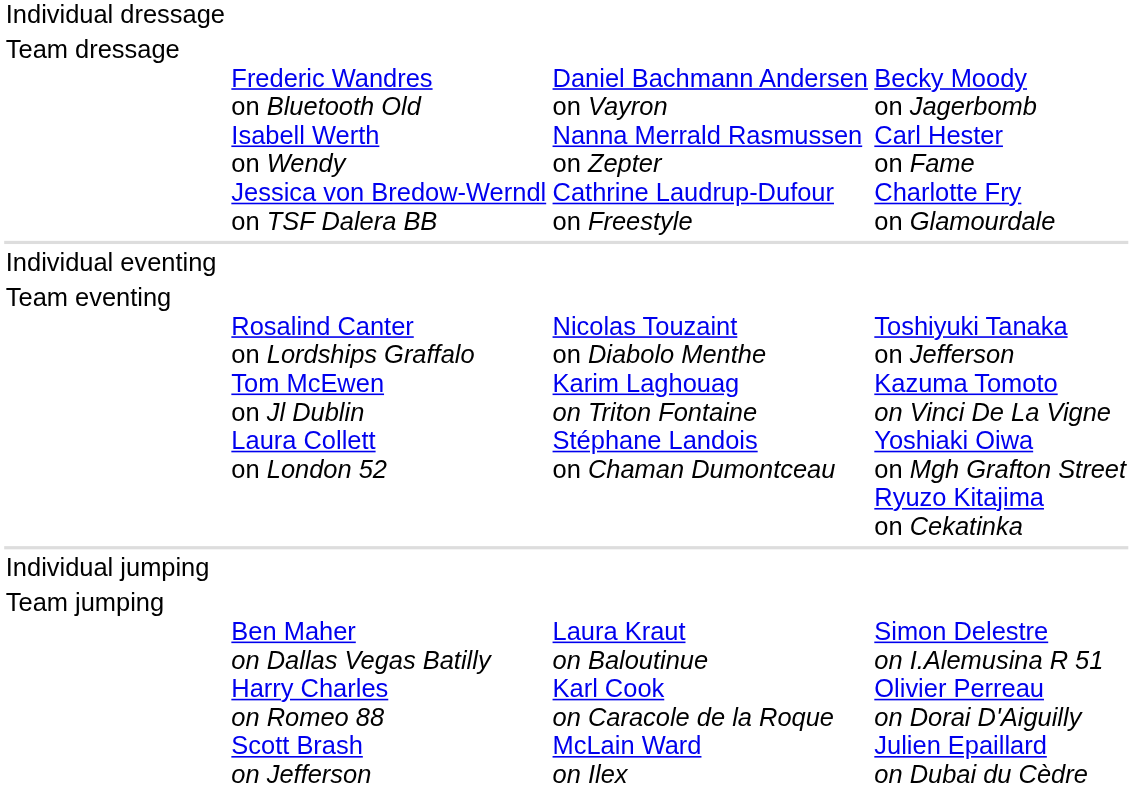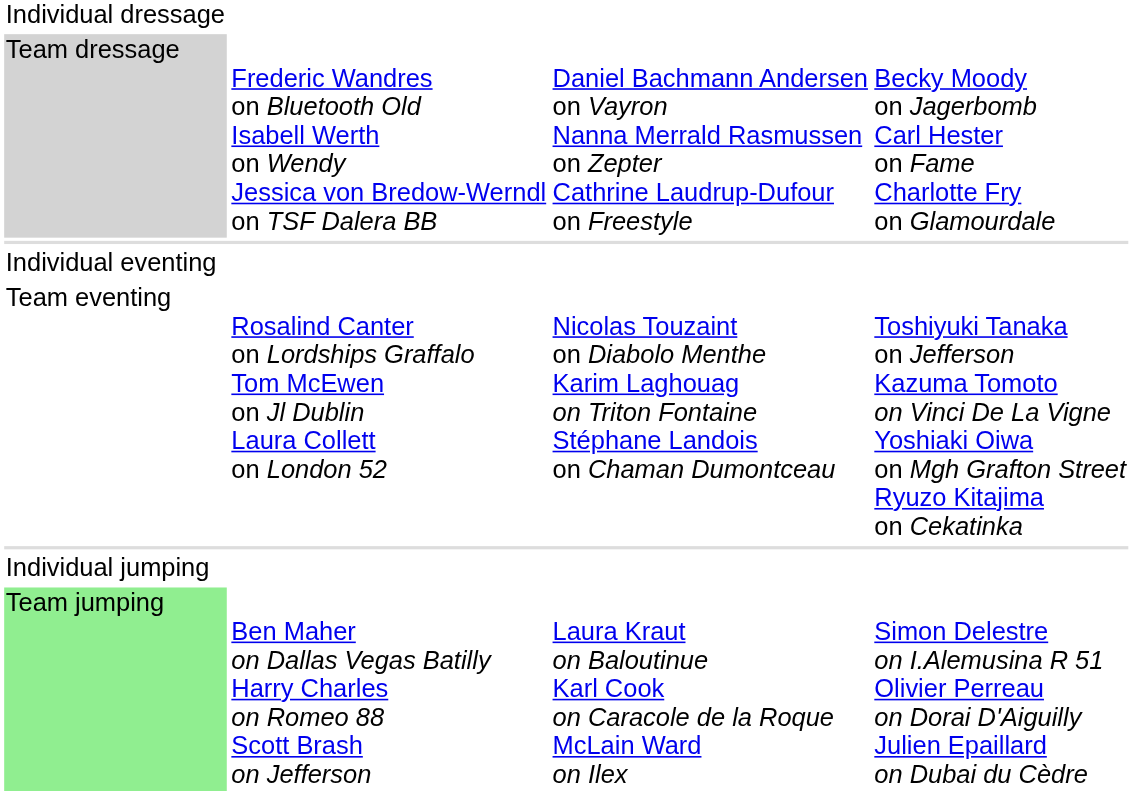 <table>
 <tr valign="top">
 <td>Individual dressage<br></td>
 <td></td>
 <td></td>
 <td></td>
 </tr>
 <tr valign="top">
-<td>Team dressage<br></td>
+<td style="background: lightgrey;">Team dressage<br></td>
 <td><br><a href='#'>Frederic Wandres</a> <br>on <em>Bluetooth Old</em><br><a href='#'>Isabell Werth</a> <br>on <em>Wendy</em><br><a href='#'>Jessica von Bredow-Werndl</a> <br>on <em>TSF Dalera BB</em></td>
 <td><br><a href='#'>Daniel Bachmann Andersen</a> <br>on <em>Vayron</em><br><a href='#'>Nanna Merrald Rasmussen</a> <br>on <em>Zepter</em><br><a href='#'>Cathrine Laudrup-Dufour</a> <br>on <em>Freestyle</em></td>
 <td><br><a href='#'>Becky Moody</a> <br>on <em>Jagerbomb</em><br><a href='#'>Carl Hester</a> <br>on <em>Fame</em><br><a href='#'>Charlotte Fry</a> <br>on <em>Glamourdale</em></td>
 </tr>
 <tr bgcolor=#DDDDDD>
 <td colspan=7></td>
 </tr>
 <tr valign="top">
 <td>Individual eventing<br></td>
 <td></td>
 <td></td>
 <td></td>
 </tr>
 <tr valign="top">
 <td>Team eventing<br></td>
 <td><br><a href='#'>Rosalind Canter</a> <br>on <em>Lordships Graffalo</em><br><a href='#'>Tom McEwen</a> <br>on <em>Jl Dublin</em><br><a href='#'>Laura Collett</a> <br>on <em>London 52</em></td>
 <td><br><a href='#'>Nicolas Touzaint</a> <br>on <em>Diabolo Menthe</em><br><a href='#'>Karim Laghouag</a><em><br> on Triton Fontaine</em><br><a href='#'>Stéphane Landois</a> <br>on <em>Chaman Dumontceau</em></td>
 <td><br><a href='#'>Toshiyuki Tanaka</a> <br>on <em>Jefferson</em><br><a href='#'>Kazuma Tomoto</a><em><br> on Vinci De La Vigne</em><br><a href='#'>Yoshiaki Oiwa</a> <br>on <em>Mgh Grafton Street</em><br><a href='#'>Ryuzo Kitajima</a> <br>on <em>Cekatinka</em></td>
 </tr>
 <tr bgcolor=#DDDDDD>
 <td colspan=7></td>
 </tr>
 <tr valign="top">
 <td>Individual jumping<br></td>
 <td></td>
 <td></td>
 <td></td>
 </tr>
 <tr valign="top">
-<td>Team jumping<br></td>
+<td style="background: lightgreen;">Team jumping<br></td>
 <td><br><a href='#'>Ben Maher</a><em><br> on Dallas Vegas Batilly</em> <br><a href='#'>Harry Charles</a> <em><br> on Romeo 88</em> <br><a href='#'>Scott Brash</a> <em><br> on Jefferson</em> <br></td>
 <td><br><a href='#'>Laura Kraut</a><em><br> on Baloutinue</em> <br><a href='#'>Karl Cook</a> <em><br> on Caracole de la Roque</em> <br><a href='#'>McLain Ward</a> <em><br> on Ilex</em> <br></td>
 <td><br><a href='#'>Simon Delestre</a><em><br> on I.Alemusina R 51</em> <br><a href='#'>Olivier Perreau</a> <em><br> on Dorai D'Aiguilly</em> <br><a href='#'>Julien Epaillard</a> <em><br> on 	Dubai du Cèdre</em> <br></td>
 </tr>
 </table>
